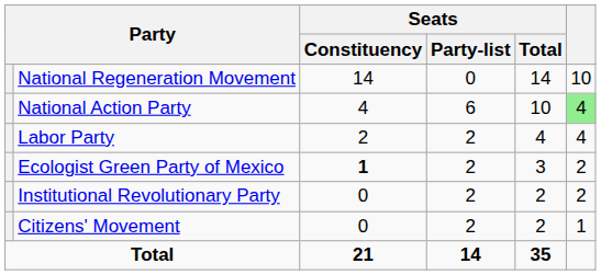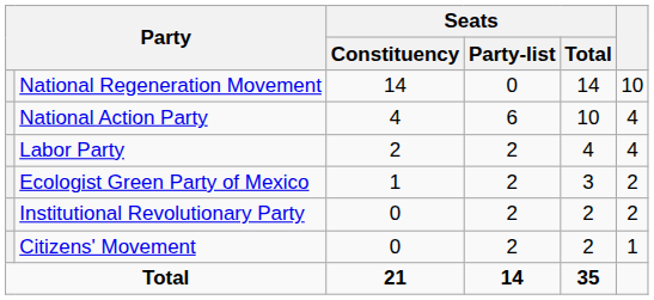 <table class="wikitable" style="text-align:center;">
 <tr>
 <th colspan="2" rowspan="2">Party</th>
 <th colspan="3">Seats</th>
 <th rowspan="2"></th>
 </tr>
 <tr>
 <th style="width:3em"><strong>Constituency</strong></th>
 <th>Party-list</th>
 <th>Total</th>
 </tr>
 <tr>
 <th style="background-color:"></th>
 <td style="text-align:left;"><a href='#'>National Regeneration Movement</a></td>
 <td>14</td>
 <td>0</td>
 <td>14</td>
 <td> 10</td>
 </tr>
 <tr>
 <th style="background-color:"></th>
 <td style="text-align:left;"><a href='#'>National Action Party</a></td>
 <td>4</td>
 <td>6</td>
 <td>10</td>
-<td style="background: lightgreen;"> 4</td>
+<td> 4</td>
 </tr>
 <tr>
 <th style="background-color:"></th>
 <td style="text-align:left;"><a href='#'>Labor Party</a></td>
 <td>2</td>
 <td>2</td>
 <td>4</td>
 <td> 4</td>
 </tr>
 <tr>
 <th style="background-color:"></th>
 <td style="text-align:left;"><a href='#'>Ecologist Green Party of Mexico</a></td>
-<td><strong>1</strong></td>
+<td>1</td>
 <td>2</td>
 <td>3</td>
 <td> 2</td>
 </tr>
 <tr>
 <th style="background-color:"></th>
 <td style="text-align:left;"><a href='#'>Institutional Revolutionary Party</a></td>
 <td>0</td>
 <td>2</td>
 <td>2</td>
 <td> 2</td>
 </tr>
 <tr>
 <th style="background-color:"></th>
 <td style="text-align:left;"><a href='#'>Citizens' Movement</a></td>
 <td>0</td>
 <td>2</td>
 <td>2</td>
 <td> 1</td>
 </tr>
 <tr>
 <td colspan="2"><strong>Total</strong></td>
 <td><strong>21</strong></td>
 <td><strong>14</strong></td>
 <td><strong>35</strong></td>
 <td></td>
 </tr>
 </table>
